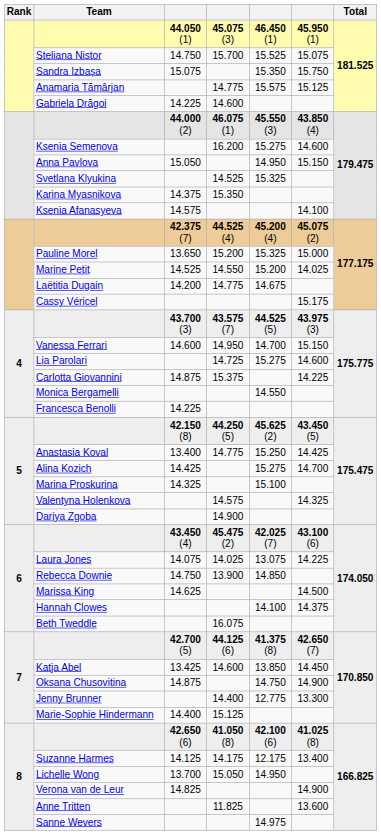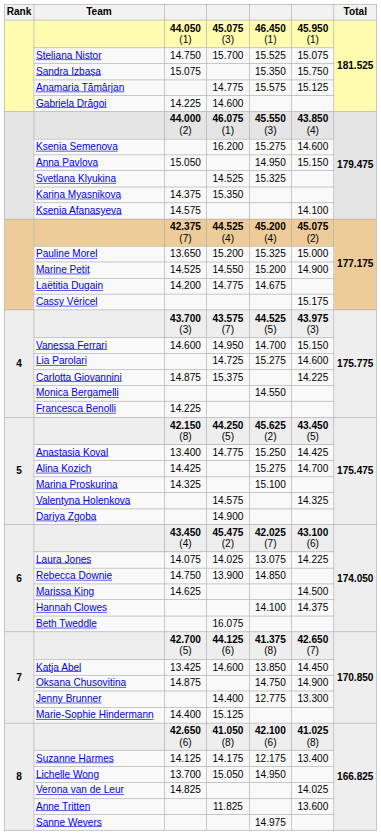 <table class="wikitable sortable" style="text-align:center; font-size:100%">
 <tr>
 <th scope="col" style="width:20px;">Rank</th>
 <th scope="col" style="width:200px;">Team</th>
 <th scope="col" style="width:60px;"></th>
 <th scope="col" style="width:60px;"></th>
 <th scope="col" style="width:60px;"></th>
 <th scope="col" style="width:60px;"></th>
 <th scope="col" style="width:60px;">Total</th>
 </tr>
 <tr style="background:#fffcaf;">
 <td rowspan=5></td>
 <td style="text-align:left;"><strong></strong></td>
 <td><strong>44.050</strong> (1)</td>
 <td><strong>45.075</strong> (3)</td>
 <td><strong>46.450</strong> (1)</td>
 <td><strong>45.950</strong> (1)</td>
 <td rowspan=5><strong>181.525</strong></td>
 </tr>
 <tr>
 <td style="text-align:left;"><a href='#'>Steliana Nistor</a></td>
 <td>14.750</td>
 <td>15.700</td>
 <td>15.525</td>
 <td>15.075</td>
 </tr>
 <tr>
 <td style="text-align:left;"><a href='#'>Sandra Izbașa</a></td>
 <td>15.075</td>
 <td></td>
 <td>15.350</td>
 <td>15.750</td>
 </tr>
 <tr>
 <td style="text-align:left;"><a href='#'>Anamaria Tămârjan</a></td>
 <td></td>
 <td>14.775</td>
 <td>15.575</td>
 <td>15.125</td>
 </tr>
 <tr>
 <td style="text-align:left;"><a href='#'>Gabriela Drăgoi</a></td>
 <td>14.225</td>
 <td>14.600</td>
 <td></td>
 <td></td>
 </tr>
 <tr style="background:#e5e5e5;">
 <td rowspan=6></td>
 <td style="text-align:left;"><strong></strong></td>
 <td><strong>44.000</strong> (2)</td>
 <td><strong>46.075</strong> (1)</td>
 <td><strong>45.550</strong> (3)</td>
 <td><strong>43.850</strong> (4)</td>
 <td rowspan=6><strong>179.475</strong></td>
 </tr>
 <tr>
 <td style="text-align:left;"><a href='#'>Ksenia Semenova</a></td>
 <td></td>
 <td>16.200</td>
 <td>15.275</td>
 <td>14.600</td>
 </tr>
 <tr>
 <td style="text-align:left;"><a href='#'>Anna Pavlova</a></td>
 <td>15.050</td>
 <td></td>
 <td>14.950</td>
 <td>15.150</td>
 </tr>
 <tr>
 <td style="text-align:left;"><a href='#'>Svetlana Klyukina</a></td>
 <td></td>
 <td>14.525</td>
 <td>15.325</td>
 <td></td>
 </tr>
 <tr>
 <td style="text-align:left;"><a href='#'>Karina Myasnikova</a></td>
 <td>14.375</td>
 <td>15.350</td>
 <td></td>
 <td></td>
 </tr>
 <tr>
 <td style="text-align:left;"><a href='#'>Ksenia Afanasyeva</a></td>
 <td>14.575</td>
 <td></td>
 <td></td>
 <td>14.100</td>
 </tr>
 <tr style="background:#ec9;">
 <td rowspan=5></td>
 <td style="text-align:left;"><strong></strong></td>
 <td><strong>42.375</strong> (7)</td>
 <td><strong>44.525</strong> (4)</td>
 <td><strong>45.200</strong> (4)</td>
 <td><strong>45.075</strong> (2)</td>
 <td rowspan=5><strong>177.175</strong></td>
 </tr>
 <tr>
 <td style="text-align:left;"><a href='#'>Pauline Morel</a></td>
 <td>13.650</td>
 <td>15.200</td>
 <td>15.325</td>
 <td>15.000</td>
 </tr>
 <tr>
 <td style="text-align:left;"><a href='#'>Marine Petit</a></td>
 <td>14.525</td>
 <td>14.550</td>
 <td>15.200</td>
-<td>14.025</td>
+<td>14.900</td>
 </tr>
 <tr>
 <td style="text-align:left;"><a href='#'>Laëtitia Dugain</a></td>
 <td>14.200</td>
 <td>14.775</td>
 <td>14.675</td>
 <td></td>
 </tr>
 <tr>
 <td style="text-align:left;"><a href='#'>Cassy Véricel</a></td>
 <td></td>
 <td></td>
 <td></td>
 <td>15.175</td>
 </tr>
 <tr style="background:#eee;">
 <td rowspan=6><strong>4</strong></td>
 <td style="text-align:left;"><strong></strong></td>
 <td><strong>43.700</strong> (3)</td>
 <td><strong>43.575</strong> (7)</td>
 <td><strong>44.525</strong> (5)</td>
 <td><strong>43.975</strong> (3)</td>
 <td rowspan=6><strong>175.775</strong></td>
 </tr>
 <tr>
 <td style="text-align:left;"><a href='#'>Vanessa Ferrari</a></td>
 <td>14.600</td>
 <td>14.950</td>
 <td>14.700</td>
 <td>15.150</td>
 </tr>
 <tr>
 <td style="text-align:left;"><a href='#'>Lia Parolari</a></td>
 <td></td>
 <td>14.725</td>
 <td>15.275</td>
 <td>14.600</td>
 </tr>
 <tr>
 <td style="text-align:left;"><a href='#'>Carlotta Giovannini</a></td>
 <td>14.875</td>
 <td>15.375</td>
 <td></td>
 <td>14.225</td>
 </tr>
 <tr>
 <td style="text-align:left;"><a href='#'>Monica Bergamelli</a></td>
 <td></td>
 <td></td>
 <td>14.550</td>
 <td></td>
 </tr>
 <tr>
 <td style="text-align:left;"><a href='#'>Francesca Benolli</a></td>
 <td>14.225</td>
 <td></td>
 <td></td>
 <td></td>
 </tr>
 <tr style="background:#eee;">
 <td rowspan=6><strong>5</strong></td>
 <td style="text-align:left;"><strong></strong></td>
 <td><strong>42.150</strong> (8)</td>
 <td><strong>44.250</strong> (5)</td>
 <td><strong>45.625</strong> (2)</td>
 <td><strong>43.450</strong> (5)</td>
 <td rowspan=6><strong>175.475</strong></td>
 </tr>
 <tr>
 <td style="text-align:left;"><a href='#'>Anastasia Koval</a></td>
 <td>13.400</td>
 <td>14.775</td>
 <td>15.250</td>
 <td>14.425</td>
 </tr>
 <tr>
 <td style="text-align:left;"><a href='#'>Alina Kozich</a></td>
 <td>14.425</td>
 <td></td>
 <td>15.275</td>
 <td>14.700</td>
 </tr>
 <tr>
 <td style="text-align:left;"><a href='#'>Marina Proskurina</a></td>
 <td>14.325</td>
 <td></td>
 <td>15.100</td>
 <td></td>
 </tr>
 <tr>
 <td style="text-align:left;"><a href='#'>Valentyna Holenkova</a></td>
 <td></td>
 <td>14.575</td>
 <td></td>
 <td>14.325</td>
 </tr>
 <tr>
 <td style="text-align:left;"><a href='#'>Dariya Zgoba</a></td>
 <td></td>
 <td>14.900</td>
 <td></td>
 <td></td>
 </tr>
 <tr style="background:#eee;">
 <td rowspan=6><strong>6</strong></td>
 <td style="text-align:left;"><strong></strong></td>
 <td><strong>43.450</strong> (4)</td>
 <td><strong>45.475</strong> (2)</td>
 <td><strong>42.025</strong> (7)</td>
 <td><strong>43.100</strong> (6)</td>
 <td rowspan=6><strong>174.050</strong></td>
 </tr>
 <tr>
 <td style="text-align:left;"><a href='#'>Laura Jones</a></td>
 <td>14.075</td>
 <td>14.025</td>
 <td>13.075</td>
 <td>14.225</td>
 </tr>
 <tr>
 <td style="text-align:left;"><a href='#'>Rebecca Downie</a></td>
 <td>14.750</td>
 <td>13.900</td>
 <td>14.850</td>
 <td></td>
 </tr>
 <tr>
 <td style="text-align:left;"><a href='#'>Marissa King</a></td>
 <td>14.625</td>
 <td></td>
 <td></td>
 <td>14.500</td>
 </tr>
 <tr>
 <td style="text-align:left;"><a href='#'>Hannah Clowes</a></td>
 <td></td>
 <td></td>
 <td>14.100</td>
 <td>14.375</td>
 </tr>
 <tr>
 <td style="text-align:left;"><a href='#'>Beth Tweddle</a></td>
 <td></td>
 <td>16.075</td>
 <td></td>
 <td></td>
 </tr>
 <tr style="background:#eee;">
 <td rowspan=5><strong>7</strong></td>
 <td style="text-align:left;"><strong></strong></td>
 <td><strong>42.700</strong> (5)</td>
 <td><strong>44.125</strong> (6)</td>
 <td><strong>41.375</strong> (8)</td>
 <td><strong>42.650</strong> (7)</td>
 <td rowspan=5><strong>170.850</strong></td>
 </tr>
 <tr>
 <td style="text-align:left;"><a href='#'>Katja Abel</a></td>
 <td>13.425</td>
 <td>14.600</td>
 <td>13.850</td>
 <td>14.450</td>
 </tr>
 <tr>
 <td style="text-align:left;"><a href='#'>Oksana Chusovitina</a></td>
 <td>14.875</td>
 <td></td>
 <td>14.750</td>
 <td>14.900</td>
 </tr>
 <tr>
 <td style="text-align:left;"><a href='#'>Jenny Brunner</a></td>
 <td></td>
 <td>14.400</td>
 <td>12.775</td>
 <td>13.300</td>
 </tr>
 <tr>
 <td style="text-align:left;"><a href='#'>Marie-Sophie Hindermann</a></td>
 <td>14.400</td>
 <td>15.125</td>
 <td></td>
 <td></td>
 </tr>
 <tr style="background:#eee;">
 <td rowspan=6><strong>8</strong></td>
 <td style="text-align:left;"><strong></strong></td>
 <td><strong>42.650</strong> (6)</td>
 <td><strong>41.050</strong> (8)</td>
 <td><strong>42.100</strong> (6)</td>
 <td><strong>41.025</strong> (8)</td>
 <td rowspan=6><strong>166.825</strong></td>
 </tr>
 <tr>
 <td style="text-align:left;"><a href='#'>Suzanne Harmes</a></td>
 <td>14.125</td>
 <td>14.175</td>
 <td>12.175</td>
 <td>13.400</td>
 </tr>
 <tr>
 <td style="text-align:left;"><a href='#'>Lichelle Wong</a></td>
 <td>13.700</td>
 <td>15.050</td>
 <td>14.950</td>
 <td></td>
 </tr>
 <tr>
 <td style="text-align:left;"><a href='#'>Verona van de Leur</a></td>
 <td>14.825</td>
 <td></td>
 <td></td>
-<td>14.900</td>
+<td>14.025</td>
 </tr>
 <tr>
 <td style="text-align:left;"><a href='#'>Anne Tritten</a></td>
 <td></td>
 <td>11.825</td>
 <td></td>
 <td>13.600</td>
 </tr>
 <tr>
 <td style="text-align:left;"><a href='#'>Sanne Wevers</a></td>
 <td></td>
 <td></td>
 <td>14.975</td>
 <td></td>
 </tr>
 </table>
